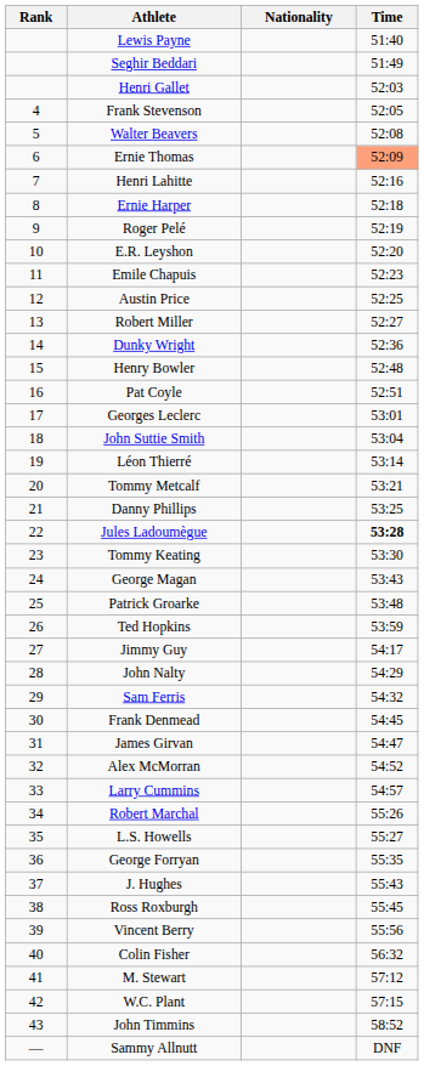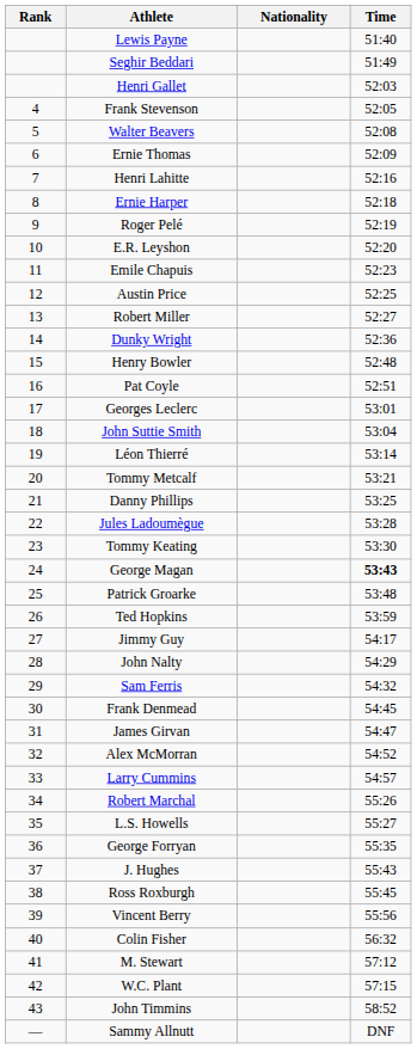 <table class="wikitable sortable" style=" text-align:center; font-size:95%;" width="50%">
 <tr>
 <th>Rank</th>
 <th>Athlete</th>
 <th>Nationality</th>
 <th>Time</th>
 </tr>
 <tr>
 <td align=center></td>
 <td><a href='#'>Lewis Payne</a></td>
 <td></td>
 <td>51:40</td>
 </tr>
 <tr>
 <td align=center></td>
 <td><a href='#'>Seghir Beddari</a></td>
 <td></td>
 <td>51:49</td>
 </tr>
 <tr>
 <td align=center></td>
 <td><a href='#'>Henri Gallet</a></td>
 <td></td>
 <td>52:03</td>
 </tr>
 <tr>
 <td align=center>4</td>
 <td>Frank Stevenson</td>
 <td></td>
 <td>52:05</td>
 </tr>
 <tr>
 <td align=center>5</td>
 <td><a href='#'>Walter Beavers</a></td>
 <td></td>
 <td>52:08</td>
 </tr>
 <tr>
 <td align=center>6</td>
 <td>Ernie Thomas</td>
 <td></td>
-<td style="background: lightsalmon;">52:09</td>
+<td>52:09</td>
 </tr>
 <tr>
 <td align=center>7</td>
 <td>Henri Lahitte</td>
 <td></td>
 <td>52:16</td>
 </tr>
 <tr>
 <td align=center>8</td>
 <td><a href='#'>Ernie Harper</a></td>
 <td></td>
 <td>52:18</td>
 </tr>
 <tr>
 <td align=center>9</td>
 <td>Roger Pelé</td>
 <td></td>
 <td>52:19</td>
 </tr>
 <tr>
 <td align=center>10</td>
 <td>E.R. Leyshon</td>
 <td></td>
 <td>52:20</td>
 </tr>
 <tr>
 <td align=center>11</td>
 <td>Emile Chapuis</td>
 <td></td>
 <td>52:23</td>
 </tr>
 <tr>
 <td align=center>12</td>
 <td>Austin Price</td>
 <td></td>
 <td>52:25</td>
 </tr>
 <tr>
 <td align=center>13</td>
 <td>Robert Miller</td>
 <td></td>
 <td>52:27</td>
 </tr>
 <tr>
 <td align=center>14</td>
 <td><a href='#'>Dunky Wright</a></td>
 <td></td>
 <td>52:36</td>
 </tr>
 <tr>
 <td align=center>15</td>
 <td>Henry Bowler</td>
 <td></td>
 <td>52:48</td>
 </tr>
 <tr>
 <td align=center>16</td>
 <td>Pat Coyle</td>
 <td></td>
 <td>52:51</td>
 </tr>
 <tr>
 <td align=center>17</td>
 <td>Georges Leclerc</td>
 <td></td>
 <td>53:01</td>
 </tr>
 <tr>
 <td align=center>18</td>
 <td><a href='#'>John Suttie Smith</a></td>
 <td></td>
 <td>53:04</td>
 </tr>
 <tr>
 <td align=center>19</td>
 <td>Léon Thierré</td>
 <td></td>
 <td>53:14</td>
 </tr>
 <tr>
 <td align=center>20</td>
 <td>Tommy Metcalf</td>
 <td></td>
 <td>53:21</td>
 </tr>
 <tr>
 <td align=center>21</td>
 <td>Danny Phillips</td>
 <td></td>
 <td>53:25</td>
 </tr>
 <tr>
 <td align=center>22</td>
 <td><a href='#'>Jules Ladoumègue</a></td>
 <td></td>
-<td><strong>53:28</strong></td>
+<td>53:28</td>
 </tr>
 <tr>
 <td align=center>23</td>
 <td>Tommy Keating</td>
 <td></td>
 <td>53:30</td>
 </tr>
 <tr>
 <td align=center>24</td>
 <td>George Magan</td>
 <td></td>
-<td>53:43</td>
+<td><strong>53:43</strong></td>
 </tr>
 <tr>
 <td align=center>25</td>
 <td>Patrick Groarke</td>
 <td></td>
 <td>53:48</td>
 </tr>
 <tr>
 <td align=center>26</td>
 <td>Ted Hopkins</td>
 <td></td>
 <td>53:59</td>
 </tr>
 <tr>
 <td align=center>27</td>
 <td>Jimmy Guy</td>
 <td></td>
 <td>54:17</td>
 </tr>
 <tr>
 <td align=center>28</td>
 <td>John Nalty</td>
 <td></td>
 <td>54:29</td>
 </tr>
 <tr>
 <td align=center>29</td>
 <td><a href='#'>Sam Ferris</a></td>
 <td></td>
 <td>54:32</td>
 </tr>
 <tr>
 <td align=center>30</td>
 <td>Frank Denmead</td>
 <td></td>
 <td>54:45</td>
 </tr>
 <tr>
 <td align=center>31</td>
 <td>James Girvan</td>
 <td></td>
 <td>54:47</td>
 </tr>
 <tr>
 <td align=center>32</td>
 <td>Alex McMorran</td>
 <td></td>
 <td>54:52</td>
 </tr>
 <tr>
 <td align=center>33</td>
 <td><a href='#'>Larry Cummins</a></td>
 <td></td>
 <td>54:57</td>
 </tr>
 <tr>
 <td align=center>34</td>
 <td><a href='#'>Robert Marchal</a></td>
 <td></td>
 <td>55:26</td>
 </tr>
 <tr>
 <td align=center>35</td>
 <td>L.S. Howells</td>
 <td></td>
 <td>55:27</td>
 </tr>
 <tr>
 <td align=center>36</td>
 <td>George Forryan</td>
 <td></td>
 <td>55:35</td>
 </tr>
 <tr>
 <td align=center>37</td>
 <td>J. Hughes</td>
 <td></td>
 <td>55:43</td>
 </tr>
 <tr>
 <td align=center>38</td>
 <td>Ross Roxburgh</td>
 <td></td>
 <td>55:45</td>
 </tr>
 <tr>
 <td align=center>39</td>
 <td>Vincent Berry</td>
 <td></td>
 <td>55:56</td>
 </tr>
 <tr>
 <td align=center>40</td>
 <td>Colin Fisher</td>
 <td></td>
 <td>56:32</td>
 </tr>
 <tr>
 <td align=center>41</td>
 <td>M. Stewart</td>
 <td></td>
 <td>57:12</td>
 </tr>
 <tr>
 <td align=center>42</td>
 <td>W.C. Plant</td>
 <td></td>
 <td>57:15</td>
 </tr>
 <tr>
 <td align=center>43</td>
 <td>John Timmins</td>
 <td></td>
 <td>58:52</td>
 </tr>
 <tr>
 <td align=center>—</td>
 <td>Sammy Allnutt</td>
 <td></td>
 <td>DNF</td>
 </tr>
 </table>
